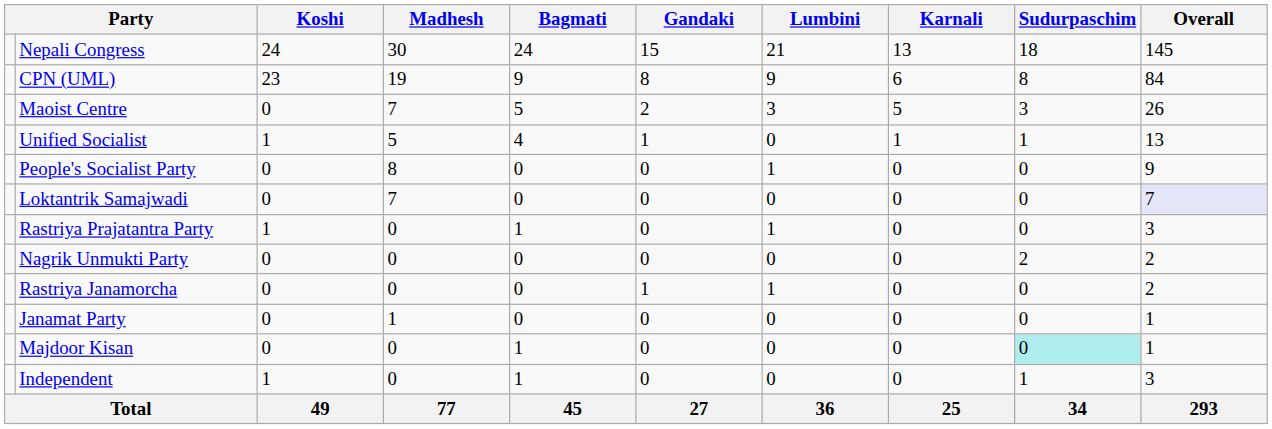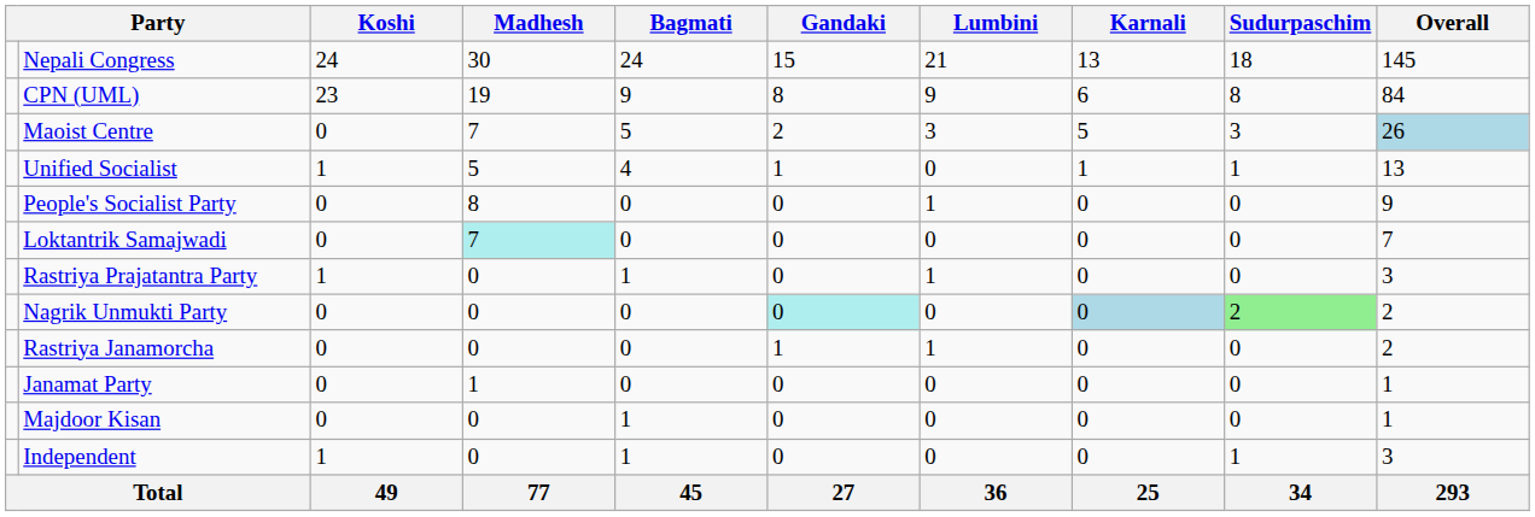 <table class="wikitable sortable">
 <tr>
 <th colspan="2">Party</th>
 <th width="10%"><a href='#'>Koshi</a></th>
 <th width="10%"><a href='#'>Madhesh</a></th>
 <th width="10%"><a href='#'>Bagmati</a></th>
 <th width="10%"><a href='#'>Gandaki</a></th>
 <th width="10%"><a href='#'>Lumbini</a></th>
 <th width="10%"><a href='#'>Karnali</a></th>
 <th width="10%"><a href='#'>Sudurpaschim</a></th>
 <th width="10%">Overall</th>
 </tr>
 <tr>
 <td style="background-color:"></td>
 <td><a href='#'>Nepali Congress</a></td>
 <td>24</td>
 <td>30</td>
 <td>24</td>
 <td>15</td>
 <td>21</td>
 <td>13</td>
 <td>18</td>
 <td>145</td>
 </tr>
 <tr>
 <td style="background-color:"></td>
 <td><a href='#'>CPN (UML)</a></td>
 <td>23</td>
 <td>19</td>
 <td>9</td>
 <td>8</td>
 <td>9</td>
 <td>6</td>
 <td>8</td>
 <td>84</td>
 </tr>
 <tr>
 <td style="background-color:"></td>
 <td><a href='#'>Maoist Centre</a></td>
 <td>0</td>
 <td>7</td>
 <td>5</td>
 <td>2</td>
 <td>3</td>
 <td>5</td>
 <td>3</td>
-<td>26</td>
+<td style="background: lightblue;">26</td>
 </tr>
 <tr>
 <td style="background-color:"></td>
 <td><a href='#'>Unified Socialist</a></td>
 <td>1</td>
 <td>5</td>
 <td>4</td>
 <td>1</td>
 <td>0</td>
 <td>1</td>
 <td>1</td>
 <td>13</td>
 </tr>
 <tr>
 <td></td>
 <td><a href='#'>People's Socialist Party</a></td>
 <td>0</td>
 <td>8</td>
 <td>0</td>
 <td>0</td>
 <td>1</td>
 <td>0</td>
 <td>0</td>
 <td>9</td>
 </tr>
 <tr>
 <td></td>
 <td><a href='#'>Loktantrik Samajwadi</a></td>
 <td>0</td>
-<td>7</td>
+<td style="background: paleturquoise;">7</td>
 <td>0</td>
 <td>0</td>
 <td>0</td>
 <td>0</td>
 <td>0</td>
-<td style="background: lavender;">7</td>
+<td>7</td>
 </tr>
 <tr>
 <td style="background-color:"></td>
 <td><a href='#'>Rastriya Prajatantra Party</a></td>
 <td>1</td>
 <td>0</td>
 <td>1</td>
 <td>0</td>
 <td>1</td>
 <td>0</td>
 <td>0</td>
 <td>3</td>
 </tr>
 <tr>
 <td style="background-color:"></td>
 <td><a href='#'>Nagrik Unmukti Party</a></td>
 <td>0</td>
 <td>0</td>
 <td>0</td>
+<td style="background: paleturquoise;">0</td>
 <td>0</td>
-<td>0</td>
-<td>0</td>
-<td>2</td>
+<td style="background: lightblue;">0</td>
+<td style="background: lightgreen;">2</td>
 <td>2</td>
 </tr>
 <tr>
 <td></td>
 <td><a href='#'>Rastriya Janamorcha</a></td>
 <td>0</td>
 <td>0</td>
 <td>0</td>
 <td>1</td>
 <td>1</td>
 <td>0</td>
 <td>0</td>
 <td>2</td>
 </tr>
 <tr>
 <td style="background-color:"></td>
 <td><a href='#'>Janamat Party</a></td>
 <td>0</td>
 <td>1</td>
 <td>0</td>
 <td>0</td>
 <td>0</td>
 <td>0</td>
 <td>0</td>
 <td>1</td>
 </tr>
 <tr>
 <td style="background-color:"></td>
 <td><a href='#'>Majdoor Kisan</a></td>
 <td>0</td>
 <td>0</td>
 <td>1</td>
 <td>0</td>
 <td>0</td>
 <td>0</td>
-<td style="background: paleturquoise;">0</td>
+<td>0</td>
 <td>1</td>
 </tr>
 <tr>
 <td style="background-color:"></td>
 <td><a href='#'>Independent</a></td>
 <td>1</td>
 <td>0</td>
 <td>1</td>
 <td>0</td>
 <td>0</td>
 <td>0</td>
 <td>1</td>
 <td>3</td>
 </tr>
 <tr>
 <th colspan="2">Total</th>
 <th>49</th>
 <th>77</th>
 <th>45</th>
 <th>27</th>
 <th>36</th>
 <th>25</th>
 <th>34</th>
 <th>293</th>
 </tr>
 </table>
